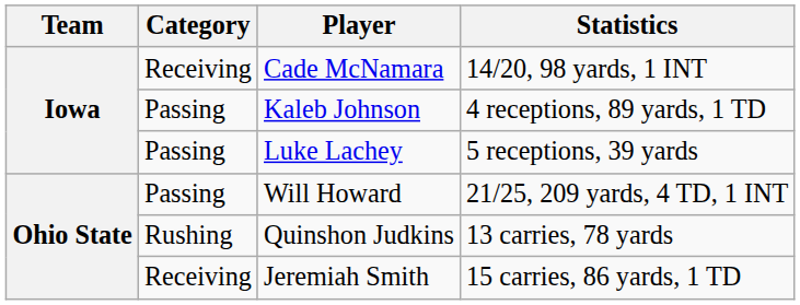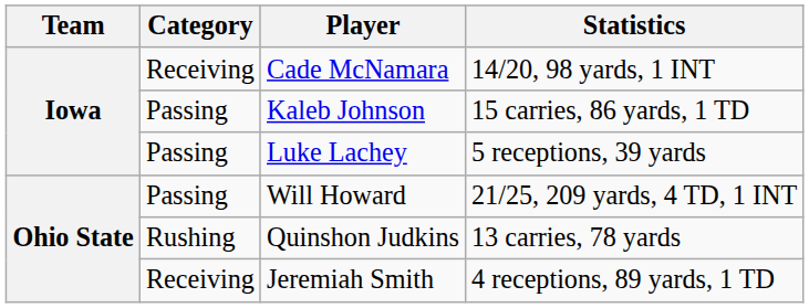 <table class="wikitable" style="float:right">
 <tr>
 <th>Team</th>
 <th>Category</th>
 <th>Player</th>
 <th>Statistics</th>
 </tr>
 <tr>
 <th rowspan=3>Iowa</th>
 <td>Receiving</td>
 <td><a href='#'>Cade McNamara</a></td>
 <td>14/20, 98 yards, 1 INT</td>
 </tr>
 <tr>
 <td>Passing</td>
 <td><a href='#'>Kaleb Johnson</a></td>
-<td>4 receptions, 89 yards, 1 TD</td>
+<td>15 carries, 86 yards, 1 TD</td>
 </tr>
 <tr>
 <td>Passing</td>
 <td><a href='#'>Luke Lachey</a></td>
 <td>5 receptions, 39 yards</td>
 </tr>
 <tr>
 <th rowspan=3>Ohio State</th>
 <td>Passing</td>
 <td>Will Howard</td>
 <td>21/25, 209 yards, 4 TD, 1 INT</td>
 </tr>
 <tr>
 <td>Rushing</td>
 <td>Quinshon Judkins</td>
 <td>13 carries, 78 yards</td>
 </tr>
 <tr>
 <td>Receiving</td>
 <td>Jeremiah Smith</td>
-<td>15 carries, 86 yards, 1 TD</td>
+<td>4 receptions, 89 yards, 1 TD</td>
 </tr>
 </table>
